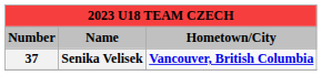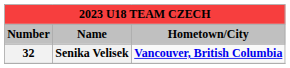 <table class="wikitable" style="text-align:left; font-size:90%;">
 <tr>
 <th style=background:#F73E3E colspan=4>2023 U18 TEAM CZECH</th>
 </tr>
 <tr bgcolor="#f0f0f0">
 <th style="background:silver;">Number</th>
 <th style="background:silver;">Name</th>
 <th style="background:silver;">Hometown/City</th>
 </tr>
 <tr>
-<th align=left>37</th>
+<th align=left>32</th>
 <th align=left>Senika Velisek</th>
 <td><strong><a href='#'>Vancouver, British Columbia</a></strong></td>
 </tr>
 <tr bgcolor="#f0f0f0">
 </tr>
 </table>
